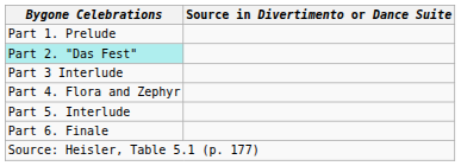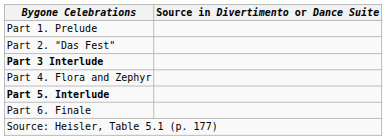 <table class="wikitable">
 <tr>
 <th><em>Bygone Celebrations</em></th>
 <th>Source in <em>Divertimento</em> or <em>Dance Suite</em></th>
 </tr>
 <tr>
 <td>Part 1. Prelude</td>
 <td></td>
 </tr>
 <tr>
-<td style="background: paleturquoise;">Part 2. "Das Fest"</td>
+<td>Part 2. "Das Fest"</td>
 <td></td>
 </tr>
 <tr>
-<td>Part 3 Interlude</td>
+<td><strong>Part 3 Interlude</strong></td>
 <td></td>
 </tr>
 <tr>
 <td>Part 4. Flora and Zephyr</td>
 <td></td>
 </tr>
 <tr>
-<td>Part 5. Interlude</td>
+<td><strong>Part 5. Interlude</strong></td>
 <td></td>
 </tr>
 <tr>
 <td>Part 6. Finale</td>
 <td></td>
 </tr>
 <tr>
 <td colspan="3">Source: Heisler, Table 5.1 (p. 177)</td>
 </tr>
 </table>
